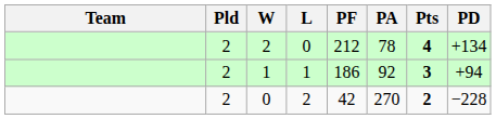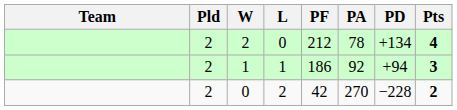 <table class=wikitable style="text-align:center">
 <tr>
 <th width=180>Team</th>
 <th width=30>Pld</th>
 <th width=30>W</th>
 <th width=30>L</th>
 <th width=30>PF</th>
 <th width=30>PA</th>
+<th width=30>PD</th>
 <th width=30>Pts</th>
-<th width=30>PD</th>
 </tr>
 <tr bgcolor=ccffcc>
 <td align=left></td>
 <td>2</td>
 <td>2</td>
 <td>0</td>
 <td>212</td>
 <td>78</td>
+<td>+134</td>
 <td><strong>4</strong></td>
-<td>+134</td>
 </tr>
 <tr bgcolor=ccffcc>
 <td align=left></td>
 <td>2</td>
 <td>1</td>
 <td>1</td>
 <td>186</td>
 <td>92</td>
+<td>+94</td>
 <td><strong>3</strong></td>
-<td>+94</td>
 </tr>
 <tr>
 <td align=left></td>
 <td>2</td>
 <td>0</td>
 <td>2</td>
 <td>42</td>
 <td>270</td>
+<td>−228</td>
 <td><strong>2</strong></td>
-<td>−228</td>
 </tr>
 </table>
